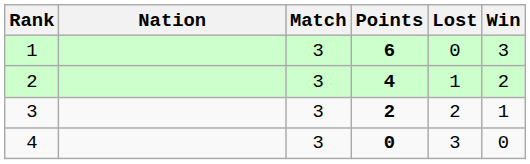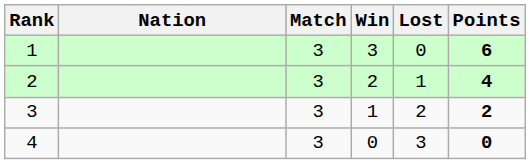 <table class="wikitable" style="text-align: center;">
 <tr>
 <th width=20>Rank</th>
 <th width=150>Nation</th>
 <th width=20>Match</th>
+<th width=20>Win</th>
+<th width=20>Lost</th>
 <th width=20>Points</th>
-<th width=20>Lost</th>
-<th width=20>Win</th>
 </tr>
 <tr style="background:#cfc;">
 <td>1</td>
 <td style="text-align:left;"></td>
 <td>3</td>
+<td>3</td>
+<td>0</td>
 <td><strong>6</strong></td>
-<td>0</td>
-<td>3</td>
 </tr>
 <tr style="background:#cfc;">
 <td>2</td>
 <td style="text-align:left;"></td>
 <td>3</td>
+<td>2</td>
+<td>1</td>
 <td><strong>4</strong></td>
-<td>1</td>
-<td>2</td>
 </tr>
 <tr>
 <td>3</td>
 <td style="text-align:left;"></td>
 <td>3</td>
+<td>1</td>
+<td>2</td>
 <td><strong>2</strong></td>
-<td>2</td>
-<td>1</td>
 </tr>
 <tr>
 <td>4</td>
 <td style="text-align:left;"></td>
 <td>3</td>
+<td>0</td>
+<td>3</td>
 <td><strong>0</strong></td>
-<td>3</td>
-<td>0</td>
 </tr>
 </table>
